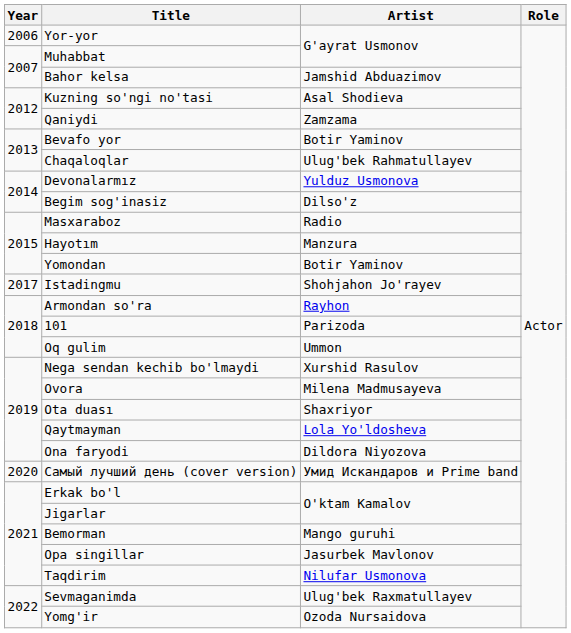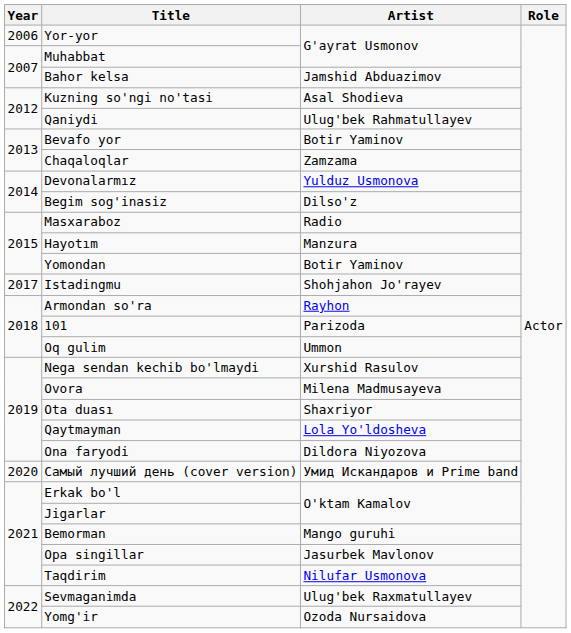 <table class="wikitable sortable">
 <tr>
 <th>Year</th>
 <th>Title</th>
 <th>Artist</th>
 <th>Role</th>
 </tr>
 <tr>
 <td>2006</td>
 <td>Yor-yor</td>
 <td rowspan=2>G'ayrat Usmonov</td>
 <td rowspan="29">Actor</td>
 </tr>
 <tr>
 <td rowspan=2>2007</td>
 <td>Muhabbat</td>
 </tr>
 <tr>
 <td>Bahor kelsa</td>
 <td>Jamshid   Abduazimov</td>
 </tr>
 <tr>
 <td rowspan=2>2012</td>
 <td>Kuzning so'ngi no'tasi</td>
 <td>Asal Shodieva</td>
 </tr>
 <tr>
 <td>Qaniydi</td>
-<td>Zamzama</td>
+<td>Ulug'bek Rahmatullayev</td>
 </tr>
 <tr>
 <td rowspan=2>2013</td>
 <td>Bevafo yor</td>
 <td>Botir Yaminov</td>
 </tr>
 <tr>
 <td>Chaqaloqlar</td>
-<td>Ulug'bek Rahmatullayev</td>
+<td>Zamzama</td>
 </tr>
 <tr>
 <td rowspan=2>2014</td>
 <td>Devonalarmız</td>
 <td><a href='#'>Yulduz Usmonova</a></td>
 </tr>
 <tr>
 <td>Begim sog'inasiz</td>
 <td>Dilso'z</td>
 </tr>
 <tr>
 <td rowspan=3>2015</td>
 <td>Masxaraboz</td>
 <td>Radio</td>
 </tr>
 <tr>
 <td>Hayotım</td>
 <td>Manzura</td>
 </tr>
 <tr>
 <td>Yomondan</td>
 <td>Botir Yaminov</td>
 </tr>
 <tr>
 <td>2017</td>
 <td>Istadingmu</td>
 <td>Shohjahon Jo'rayev</td>
 </tr>
 <tr>
 <td rowspan=3>2018</td>
 <td>Armondan so'ra</td>
 <td><a href='#'>Rayhon</a></td>
 </tr>
 <tr>
 <td>101</td>
 <td>Parizoda</td>
 </tr>
 <tr>
 <td>Oq gulim</td>
 <td>Ummon</td>
 </tr>
 <tr>
 <td rowspan=5>2019</td>
 <td>Nega sendan kechib bo'lmaydi</td>
 <td>Xurshid Rasulov</td>
 </tr>
 <tr>
 <td>Ovora</td>
 <td>Milena Madmusayeva</td>
 </tr>
 <tr>
 <td>Ota duası</td>
 <td>Shaxriyor</td>
 </tr>
 <tr>
 <td>Qaytmayman</td>
 <td><a href='#'>Lola Yo'ldosheva</a></td>
 </tr>
 <tr>
 <td>Ona faryodi</td>
 <td>Dildora Niyozova</td>
 </tr>
 <tr>
 <td>2020</td>
 <td>Самый лучший день (cover version)</td>
 <td>Умид Искандаров и Prime band</td>
 </tr>
 <tr>
 <td rowspan="5">2021</td>
 <td>Erkak bo'l</td>
 <td rowspan=2>O'ktam Kamalov</td>
 </tr>
 <tr>
 <td>Jigarlar</td>
 </tr>
 <tr>
 <td>Bemorman</td>
 <td>Mango guruhi</td>
 </tr>
 <tr>
 <td>Opa singillar</td>
 <td>Jasurbek Mavlonov</td>
 </tr>
 <tr>
 <td>Taqdirim</td>
 <td><a href='#'>Nilufar Usmonova</a></td>
 </tr>
 <tr>
 <td rowspan="2">2022</td>
 <td>Sevmaganimda</td>
 <td>Ulug'bek Raxmatullayev</td>
 </tr>
 <tr>
 <td>Yomg'ir</td>
 <td>Ozoda Nursaidova</td>
 </tr>
 </table>
